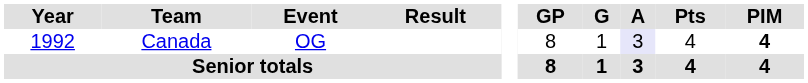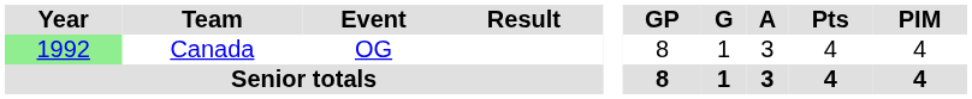 <table border="0" cellpadding="1" cellspacing="0" style="text-align:center; width:40em">
 <tr ALIGN="center" bgcolor="#e0e0e0">
 <th>Year</th>
 <th>Team</th>
 <th>Event</th>
 <th>Result</th>
 <th rowspan="99" bgcolor="#ffffff"> </th>
 <th>GP</th>
 <th>G</th>
 <th>A</th>
 <th>Pts</th>
 <th>PIM</th>
 </tr>
 <tr>
-<td><a href='#'>1992</a></td>
+<td style="background: lightgreen;"><a href='#'>1992</a></td>
 <td><a href='#'>Canada</a></td>
 <td><a href='#'>OG</a></td>
 <td></td>
 <td>8</td>
 <td>1</td>
-<td style="background: lavender;">3</td>
+<td>3</td>
 <td>4</td>
-<td><strong>4</strong></td>
+<td>4</td>
 </tr>
 <tr bgcolor="#e0e0e0">
 <th colspan="4">Senior totals</th>
 <th>8</th>
 <th>1</th>
 <th>3</th>
 <th>4</th>
 <th>4</th>
 </tr>
 </table>
